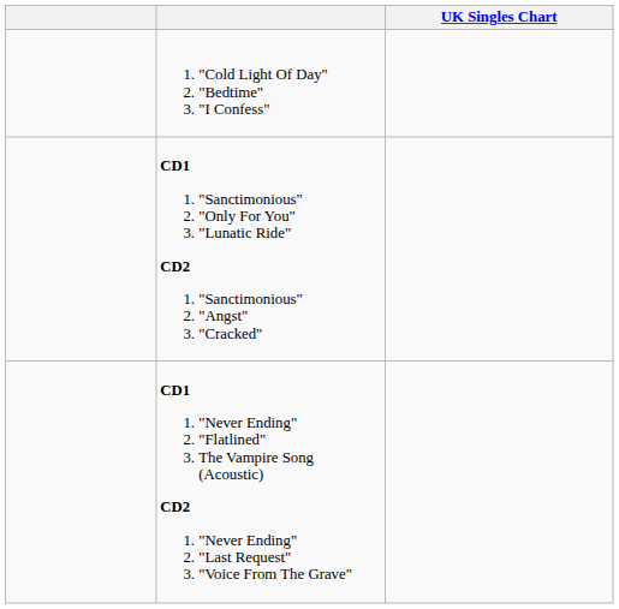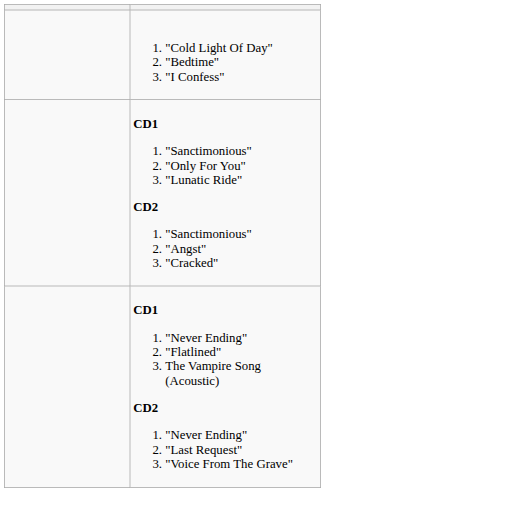 <table class=wikitable>
 <tr>
 <th width="150"></th>
 <th width="230"></th>
-<th width="230"><a href='#'>UK Singles Chart</a></th>
 </tr>
 <tr>
 <td></td>
 <td><br><ol><li>"Cold Light Of Day"</li><li>"Bedtime"</li><li>"I Confess"</li></ol></td>
-<td></td>
 </tr>
 <tr>
 <td></td>
 <td><br><strong>CD1</strong><ol><li>"Sanctimonious"</li><li>"Only For You"</li><li>"Lunatic Ride"</li></ol><strong>CD2</strong><ol><li>"Sanctimonious"</li><li>"Angst"</li><li>"Cracked"</li></ol></td>
-<td></td>
 </tr>
 <tr>
 <td></td>
 <td><br><strong>CD1</strong><ol><li>"Never Ending"</li><li>"Flatlined"</li><li>The Vampire Song (Acoustic)</li></ol><strong>CD2</strong><ol><li>"Never Ending"</li><li>"Last Request"</li><li>"Voice From The Grave"</li></ol></td>
-<td></td>
 </tr>
 </table>
